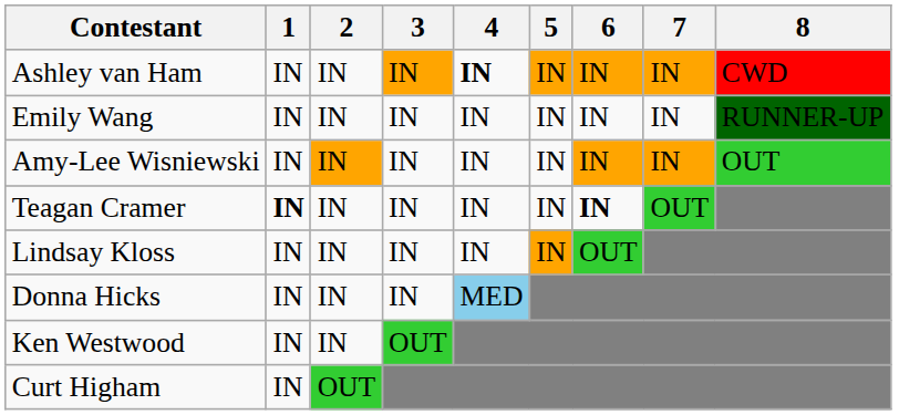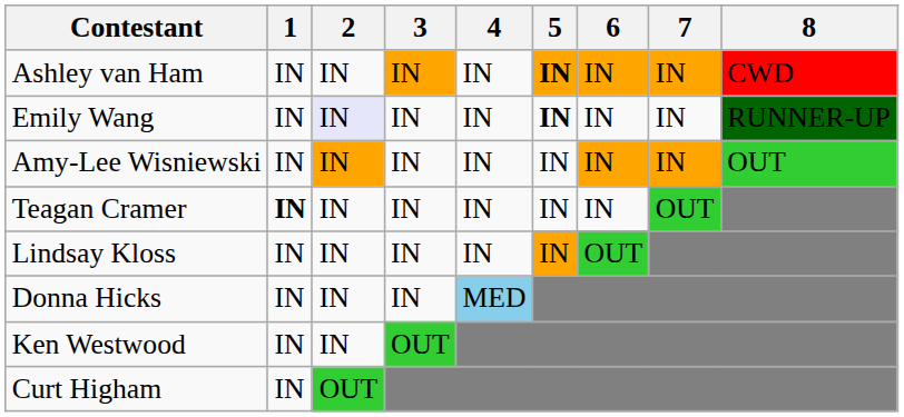 <table class="wikitable">
 <tr>
 <th>Contestant</th>
 <th>1</th>
 <th>2</th>
 <th>3</th>
 <th>4</th>
 <th>5</th>
 <th>6</th>
 <th>7</th>
 <th>8</th>
 </tr>
 <tr>
 <td>Ashley van Ham</td>
 <td>IN</td>
 <td>IN</td>
 <td style="background-color:orange">IN</td>
-<td><strong>IN</strong></td>
-<td style="background-color:orange">IN</td>
+<td>IN</td>
+<td style="background-color:orange"><strong>IN</strong></td>
 <td style="background-color:orange">IN</td>
 <td style="background-color:orange">IN</td>
 <td style="background-color:red">CWD</td>
 </tr>
 <tr>
 <td>Emily Wang</td>
 <td>IN</td>
+<td style="background: lavender;">IN</td>
 <td>IN</td>
 <td>IN</td>
-<td>IN</td>
-<td>IN</td>
+<td><strong>IN</strong></td>
 <td>IN</td>
 <td>IN</td>
 <td style="background-color:darkgreen">RUNNER-UP</td>
 </tr>
 <tr>
 <td>Amy-Lee Wisniewski</td>
 <td>IN</td>
 <td style="background-color:orange">IN</td>
 <td>IN</td>
 <td>IN</td>
 <td>IN</td>
 <td style="background-color:orange">IN</td>
 <td style="background-color:orange">IN</td>
 <td style="background-color:limegreen">OUT</td>
 </tr>
 <tr>
 <td>Teagan Cramer</td>
 <td><strong>IN</strong></td>
 <td>IN</td>
 <td>IN</td>
 <td>IN</td>
 <td>IN</td>
-<td><strong>IN</strong></td>
+<td>IN</td>
 <td style="background-color:limegreen">OUT</td>
 <td style="background-color:gray"></td>
 </tr>
 <tr>
 <td>Lindsay Kloss</td>
 <td>IN</td>
 <td>IN</td>
 <td>IN</td>
 <td>IN</td>
 <td style="background-color:orange">IN</td>
 <td style="background-color:limegreen">OUT</td>
 <td style="background-color:gray" colspan="2"></td>
 </tr>
 <tr>
 <td>Donna Hicks</td>
 <td>IN</td>
 <td>IN</td>
 <td>IN</td>
 <td style="background-color:skyblue">MED</td>
 <td style="background-color:gray" colspan="5"></td>
 </tr>
 <tr>
 <td>Ken Westwood</td>
 <td>IN</td>
 <td>IN</td>
 <td style="background-color:limegreen">OUT</td>
 <td style="background-color:gray" colspan="5"></td>
 </tr>
 <tr>
 <td>Curt Higham</td>
 <td>IN</td>
 <td style="background-color:limegreen">OUT</td>
 <td style="background-color:gray" colspan="6"></td>
 </tr>
 </table>
